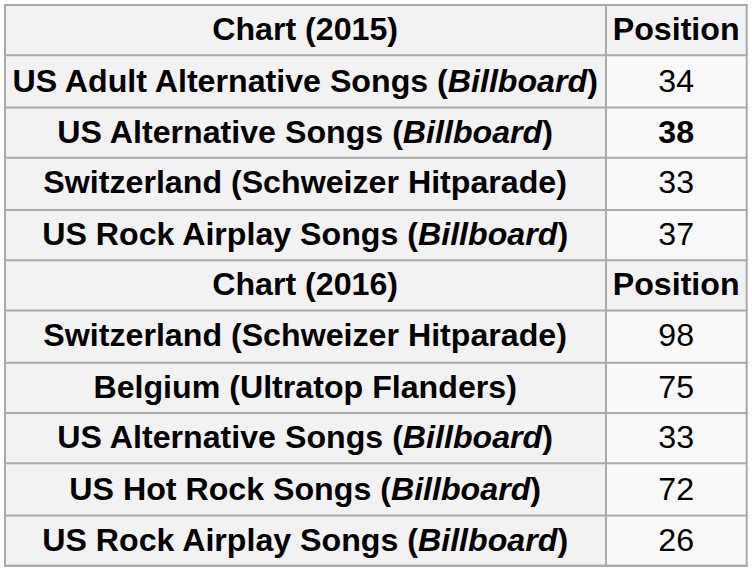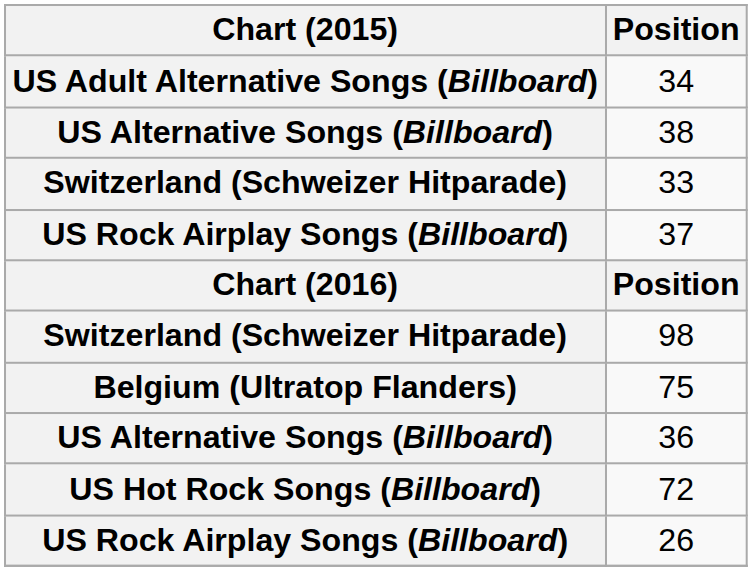 <table class="wikitable plainrowheaders" style="text-align:center">
 <tr>
 <th scope="col">Chart (2015)</th>
 <th scope="col">Position</th>
 </tr>
 <tr>
 <th scope="row">US Adult Alternative Songs (<em>Billboard</em>)</th>
 <td>34</td>
 </tr>
 <tr>
 <th scope="row">US Alternative Songs (<em>Billboard</em>)</th>
-<td><strong>38</strong></td>
+<td>38</td>
 </tr>
 <tr>
 <th scope="row">Switzerland (Schweizer Hitparade)</th>
 <td>33</td>
 </tr>
 <tr>
 <th scope="row">US Rock Airplay Songs (<em>Billboard</em>)</th>
 <td>37</td>
 </tr>
 <tr>
 <th scope="col">Chart (2016)</th>
 <th scope="col">Position</th>
 </tr>
 <tr>
 <th scope="row">Switzerland (Schweizer Hitparade)</th>
 <td>98</td>
 </tr>
 <tr>
 <th scope="row">Belgium (Ultratop Flanders)</th>
 <td>75</td>
 </tr>
 <tr>
 <th scope="row">US Alternative Songs (<em>Billboard</em>)</th>
-<td>33</td>
+<td>36</td>
 </tr>
 <tr>
 <th scope="row">US Hot Rock Songs (<em>Billboard</em>)</th>
 <td>72</td>
 </tr>
 <tr>
 <th scope="row">US Rock Airplay Songs (<em>Billboard</em>)</th>
 <td>26</td>
 </tr>
 <tr>
 </tr>
 </table>
